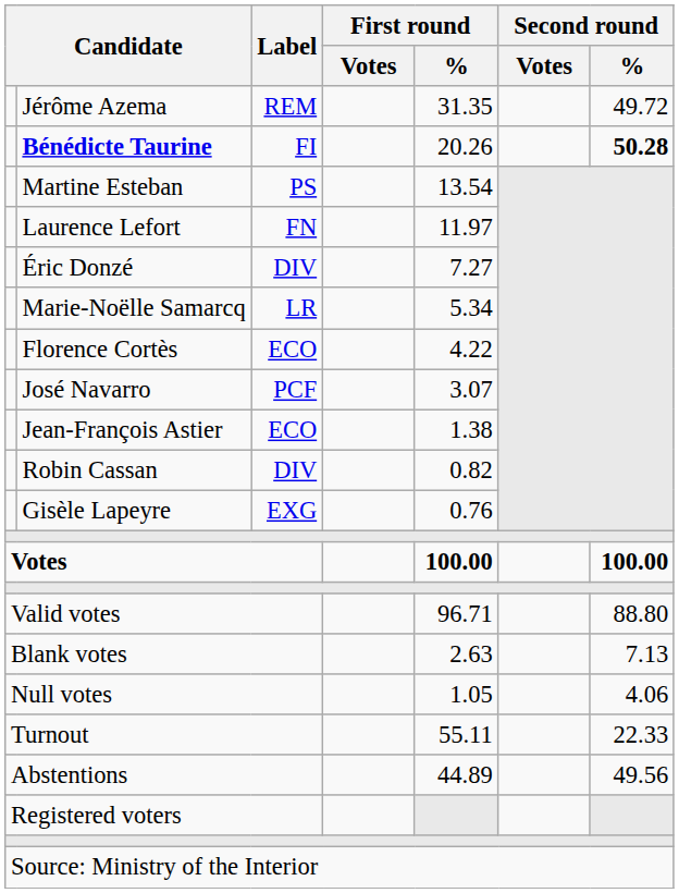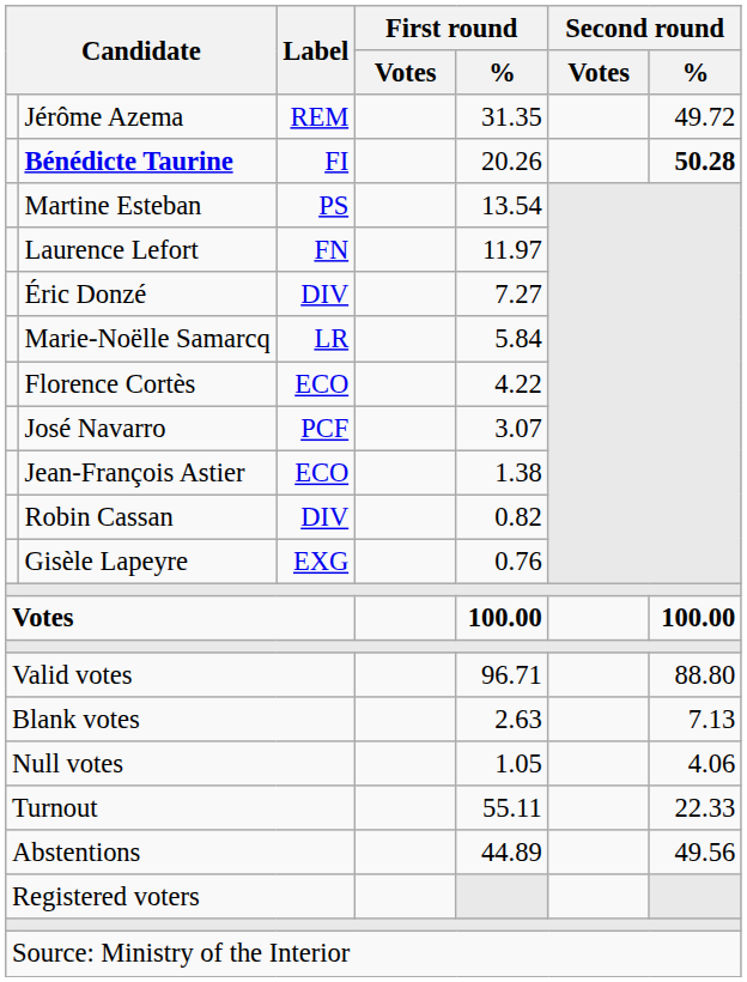 <table class="wikitable" style="text-align:right;font-size:95%;">
 <tr>
 <th rowspan="2" colspan="2">Candidate</th>
 <th rowspan="2">Label</th>
 <th colspan="2">First round</th>
 <th colspan="2">Second round</th>
 </tr>
 <tr>
 <th style="width:50px;">Votes</th>
 <th style="width:45px;">%</th>
 <th style="width:50px;">Votes</th>
 <th style="width:45px;">%</th>
 </tr>
 <tr>
 <td style="color:inherit;background:"></td>
 <td style="text-align:left;">Jérôme Azema</td>
 <td><a href='#'>REM</a></td>
 <td></td>
 <td>31.35</td>
 <td></td>
 <td>49.72</td>
 </tr>
 <tr>
 <td style="color:inherit;background:"></td>
 <td style="text-align:left;"><strong><a href='#'>Bénédicte Taurine</a></strong></td>
 <td><a href='#'>FI</a></td>
 <td></td>
 <td>20.26</td>
 <td><strong></strong></td>
 <td><strong>50.28</strong></td>
 </tr>
 <tr>
 <td style="color:inherit;background:"></td>
 <td style="text-align:left;">Martine Esteban</td>
 <td><a href='#'>PS</a></td>
 <td></td>
 <td>13.54</td>
 <td colspan="2" rowspan="9" style="background:#E9E9E9;"></td>
 </tr>
 <tr>
 <td style="color:inherit;background:"></td>
 <td style="text-align:left;">Laurence Lefort</td>
 <td><a href='#'>FN</a></td>
 <td></td>
 <td>11.97</td>
 </tr>
 <tr>
 <td style="color:inherit;background:"></td>
 <td style="text-align:left;">Éric Donzé</td>
 <td><a href='#'>DIV</a></td>
 <td></td>
 <td>7.27</td>
 </tr>
 <tr>
 <td style="color:inherit;background:"></td>
 <td style="text-align:left;">Marie-Noëlle Samarcq</td>
 <td><a href='#'>LR</a></td>
 <td></td>
-<td>5.34</td>
+<td>5.84</td>
 </tr>
 <tr>
 <td style="color:inherit;background:"></td>
 <td style="text-align:left;">Florence Cortès</td>
 <td><a href='#'>ECO</a></td>
 <td></td>
 <td>4.22</td>
 </tr>
 <tr>
 <td style="color:inherit;background:"></td>
 <td style="text-align:left;">José Navarro</td>
 <td><a href='#'>PCF</a></td>
 <td></td>
 <td>3.07</td>
 </tr>
 <tr>
 <td style="color:inherit;background:"></td>
 <td style="text-align:left;">Jean-François Astier</td>
 <td><a href='#'>ECO</a></td>
 <td></td>
 <td>1.38</td>
 </tr>
 <tr>
 <td style="color:inherit;background:"></td>
 <td style="text-align:left;">Robin Cassan</td>
 <td><a href='#'>DIV</a></td>
 <td></td>
 <td>0.82</td>
 </tr>
 <tr>
 <td style="color:inherit;background:"></td>
 <td style="text-align:left;">Gisèle Lapeyre</td>
 <td><a href='#'>EXG</a></td>
 <td></td>
 <td>0.76</td>
 </tr>
 <tr>
 <td colspan="7" style="background:#E9E9E9;"></td>
 </tr>
 <tr style="font-weight:bold;">
 <td colspan="3" style="text-align:left;">Votes</td>
 <td></td>
 <td>100.00</td>
 <td></td>
 <td>100.00</td>
 </tr>
 <tr>
 <td colspan="7" style="background:#E9E9E9;"></td>
 </tr>
 <tr>
 <td colspan="3" style="text-align:left;">Valid votes</td>
 <td></td>
 <td>96.71</td>
 <td></td>
 <td>88.80</td>
 </tr>
 <tr>
 <td colspan="3" style="text-align:left;">Blank votes</td>
 <td></td>
 <td>2.63</td>
 <td></td>
 <td>7.13</td>
 </tr>
 <tr>
 <td colspan="3" style="text-align:left;">Null votes</td>
 <td></td>
 <td>1.05</td>
 <td></td>
 <td>4.06</td>
 </tr>
 <tr>
 <td colspan="3" style="text-align:left;">Turnout</td>
 <td></td>
 <td>55.11</td>
 <td></td>
 <td>22.33</td>
 </tr>
 <tr>
 <td colspan="3" style="text-align:left;">Abstentions</td>
 <td></td>
 <td>44.89</td>
 <td></td>
 <td>49.56</td>
 </tr>
 <tr>
 <td colspan="3" style="text-align:left;">Registered voters</td>
 <td></td>
 <td style="background:#E9E9E9;"></td>
 <td></td>
 <td style="background:#E9E9E9;"></td>
 </tr>
 <tr>
 <td colspan="7" style="background:#E9E9E9;"></td>
 </tr>
 <tr>
 <td colspan="7" style="text-align:left;">Source: Ministry of the Interior</td>
 </tr>
 </table>
